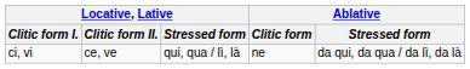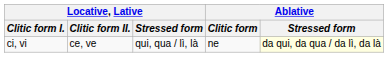 <table class="wikitable">
 <tr>
 <th colspan="3"><a href='#'>Locative</a>, <a href='#'>Lative</a></th>
 <th colspan="2"><a href='#'>Ablative</a></th>
 </tr>
 <tr>
 <th><em>Clitic form I.</em></th>
 <th><em>Clitic form II.</em></th>
 <th><em>Stressed form</em></th>
 <th><em>Clitic form</em></th>
 <th><em>Stressed form</em></th>
 </tr>
 <tr>
 <td>ci, vi</td>
 <td>ce, ve</td>
 <td>qui, qua / lì, là</td>
 <td>ne</td>
-<td>da qui, da qua / da lì, da là</td>
+<td style="background: lightyellow;">da qui, da qua / da lì, da là</td>
 </tr>
 </table>
